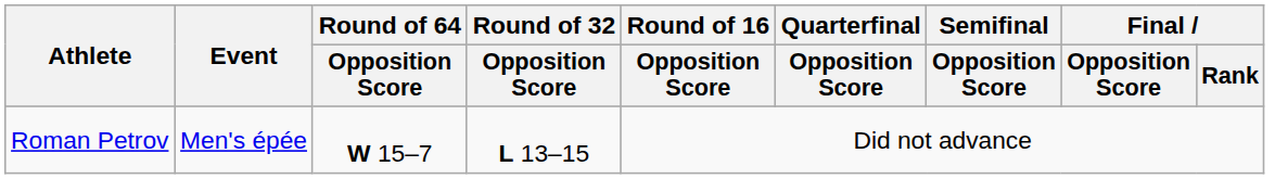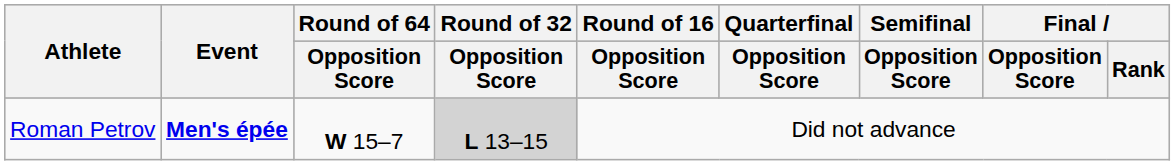 <table class="wikitable" style="font-size:90%">
 <tr>
 <th rowspan="2">Athlete</th>
 <th rowspan="2">Event</th>
 <th>Round of 64</th>
 <th>Round of 32</th>
 <th>Round of 16</th>
 <th>Quarterfinal</th>
 <th>Semifinal</th>
 <th colspan=2>Final / </th>
 </tr>
 <tr style="font-size:95%">
 <th>Opposition <br> Score</th>
 <th>Opposition <br> Score</th>
 <th>Opposition <br> Score</th>
 <th>Opposition <br> Score</th>
 <th>Opposition <br> Score</th>
 <th>Opposition <br> Score</th>
 <th>Rank</th>
 </tr>
 <tr align=center>
 <td align=left><a href='#'>Roman Petrov</a></td>
-<td align=left><a href='#'>Men's épée</a></td>
+<td align=left><strong><a href='#'>Men's épée</a></strong></td>
 <td><br><strong>W</strong> 15–7</td>
-<td><br><strong>L</strong> 13–15</td>
+<td style="background: lightgrey;"><br><strong>L</strong> 13–15</td>
 <td colspan=5>Did not advance</td>
 </tr>
 </table>
